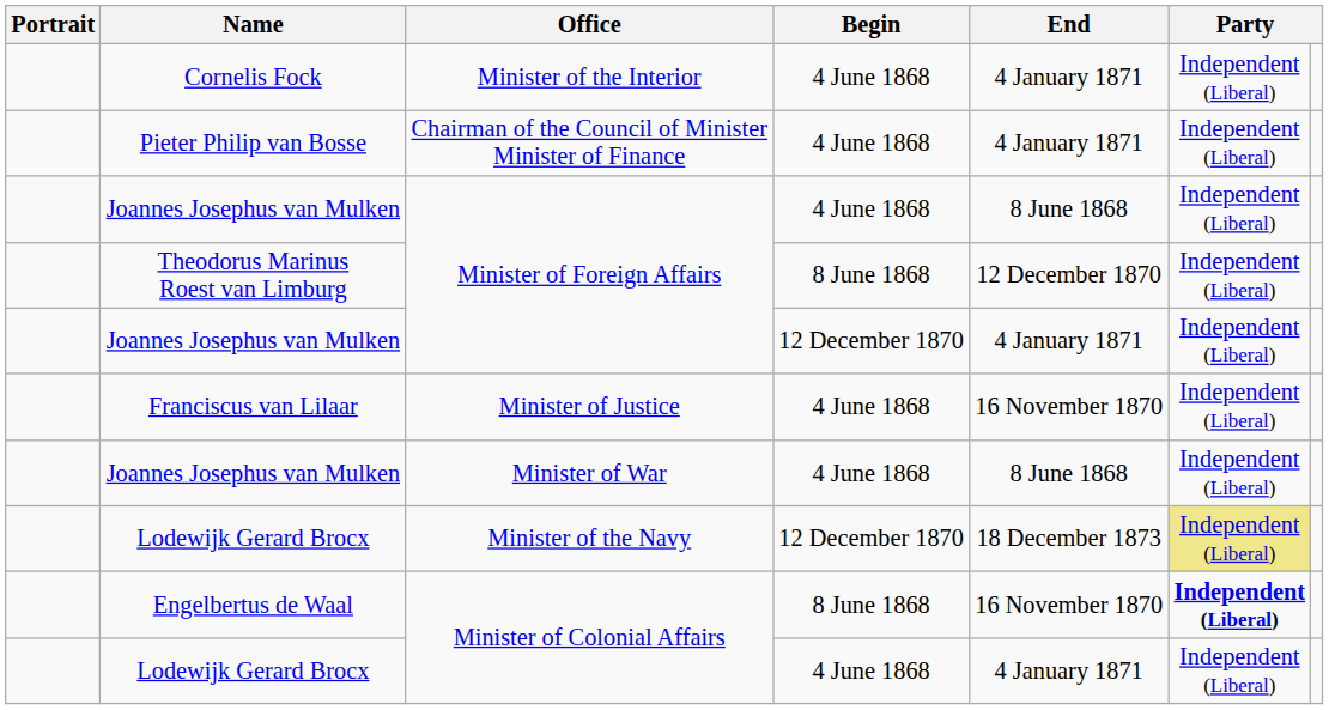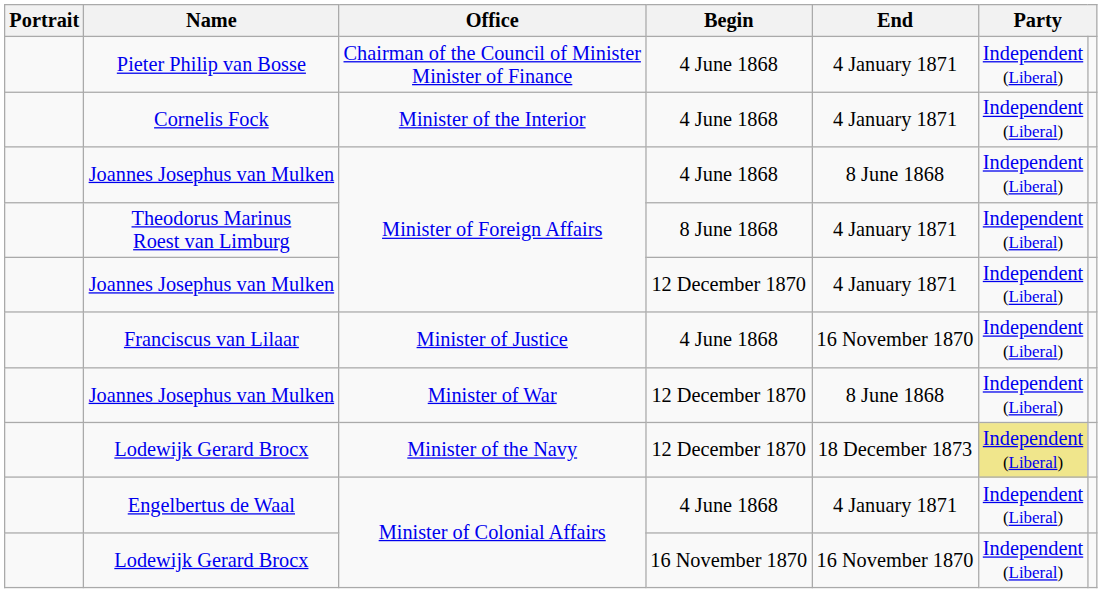 <table class="wikitable sortable " style="text-align:center">
 <tr>
 <th class='unsortable'>Portrait</th>
 <th>Name</th>
 <th>Office</th>
 <th>Begin</th>
 <th>End</th>
 <th colspan=2>Party</th>
 </tr>
 <tr>
 <td></td>
-<td><a href='#'>Cornelis Fock</a></td>
-<td><a href='#'>Minister of the Interior</a></td>
+<td><a href='#'>Pieter Philip van Bosse</a></td>
+<td><a href='#'>Chairman of the Council of Minister</a><br><a href='#'>Minister of Finance</a></td>
 <td>4 June 1868</td>
 <td>4 January 1871</td>
 <td><a href='#'>Independent</a> <br> <small>(<a href='#'>Liberal</a>)</small></td>
 <td style="background:"></td>
 </tr>
 <tr>
 <td></td>
-<td><a href='#'>Pieter Philip van Bosse</a></td>
-<td><a href='#'>Chairman of the Council of Minister</a><br><a href='#'>Minister of Finance</a></td>
+<td><a href='#'>Cornelis Fock</a></td>
+<td><a href='#'>Minister of the Interior</a></td>
 <td>4 June 1868</td>
 <td>4 January 1871</td>
 <td><a href='#'>Independent</a> <br> <small>(<a href='#'>Liberal</a>)</small></td>
 <td style="background:"></td>
 </tr>
 <tr>
 <td></td>
 <td><a href='#'>Joannes Josephus van Mulken</a></td>
 <td rowspan=3><a href='#'>Minister of Foreign Affairs</a></td>
 <td>4 June 1868</td>
 <td>8 June 1868</td>
 <td><a href='#'>Independent</a> <br> <small>(<a href='#'>Liberal</a>)</small></td>
 <td style="background:"></td>
 </tr>
 <tr>
 <td></td>
 <td><a href='#'>Theodorus Marinus <br> Roest van Limburg</a></td>
 <td>8 June 1868</td>
-<td>12 December 1870</td>
+<td>4 January 1871</td>
 <td><a href='#'>Independent</a> <br> <small>(<a href='#'>Liberal</a>)</small></td>
 <td style="background:"></td>
 </tr>
 <tr>
 <td></td>
 <td><a href='#'>Joannes Josephus van Mulken</a></td>
 <td>12 December 1870</td>
 <td>4 January 1871</td>
 <td><a href='#'>Independent</a> <br> <small>(<a href='#'>Liberal</a>)</small></td>
 <td style="background:"></td>
 </tr>
 <tr>
 <td></td>
 <td><a href='#'>Franciscus van Lilaar</a></td>
 <td><a href='#'>Minister of Justice</a></td>
 <td>4 June 1868</td>
 <td>16 November 1870</td>
 <td><a href='#'>Independent</a> <br> <small>(<a href='#'>Liberal</a>)</small></td>
 <td style="background:"></td>
 </tr>
 <tr>
 <td></td>
 <td><a href='#'>Joannes Josephus van Mulken</a></td>
 <td><a href='#'>Minister of War</a></td>
-<td>4 June 1868</td>
+<td>12 December 1870</td>
 <td>8 June 1868</td>
 <td><a href='#'>Independent</a> <br> <small>(<a href='#'>Liberal</a>)</small></td>
 <td style="background:"></td>
 </tr>
 <tr>
 <td></td>
 <td><a href='#'>Lodewijk Gerard Brocx</a></td>
 <td><a href='#'>Minister of the Navy</a></td>
 <td>12 December 1870</td>
 <td>18 December 1873</td>
 <td style="background: khaki;"><a href='#'>Independent</a> <br> <small>(<a href='#'>Liberal</a>)</small></td>
 <td style="background:"></td>
 </tr>
 <tr>
 <td></td>
 <td><a href='#'>Engelbertus de Waal</a></td>
 <td rowspan=2><a href='#'>Minister of Colonial Affairs</a></td>
-<td>8 June 1868</td>
-<td>16 November 1870</td>
-<td><strong><a href='#'>Independent</a> <br> <small>(<a href='#'>Liberal</a>)</small></strong></td>
+<td>4 June 1868</td>
+<td>4 January 1871</td>
+<td><a href='#'>Independent</a> <br> <small>(<a href='#'>Liberal</a>)</small></td>
 <td style="background:"></td>
 </tr>
 <tr>
 <td></td>
 <td><a href='#'>Lodewijk Gerard Brocx</a></td>
-<td>4 June 1868</td>
-<td>4 January 1871</td>
+<td>16 November 1870</td>
+<td>16 November 1870</td>
 <td><a href='#'>Independent</a> <br> <small>(<a href='#'>Liberal</a>)</small></td>
 <td style="background:"></td>
 </tr>
 </table>
